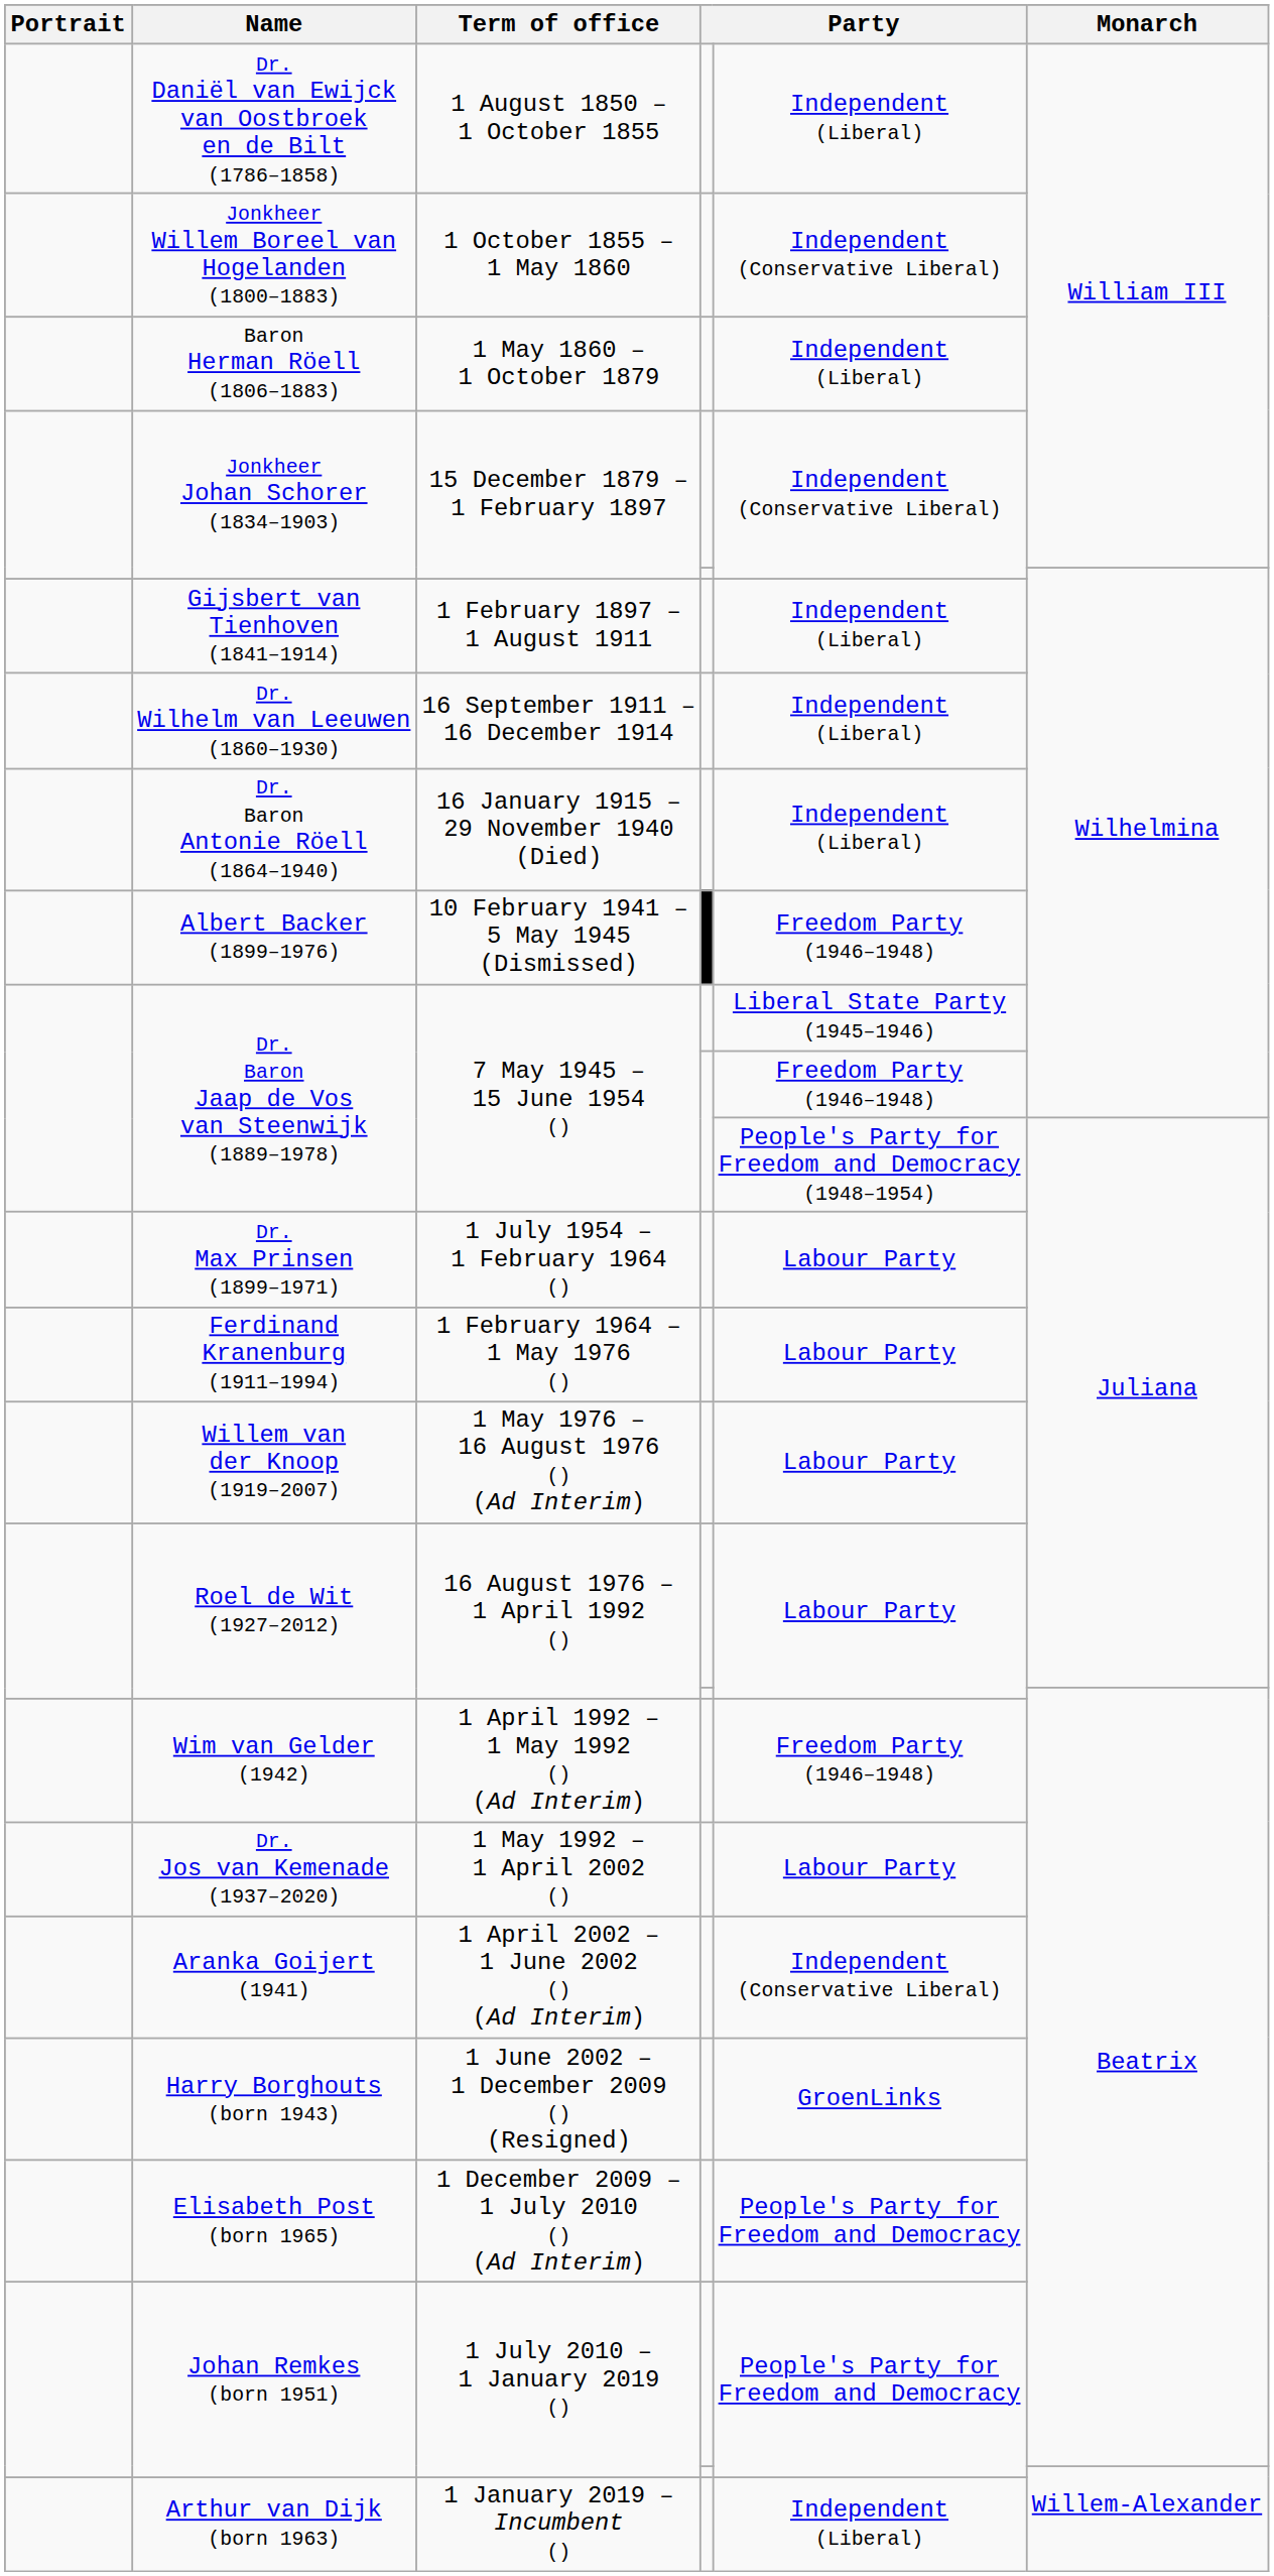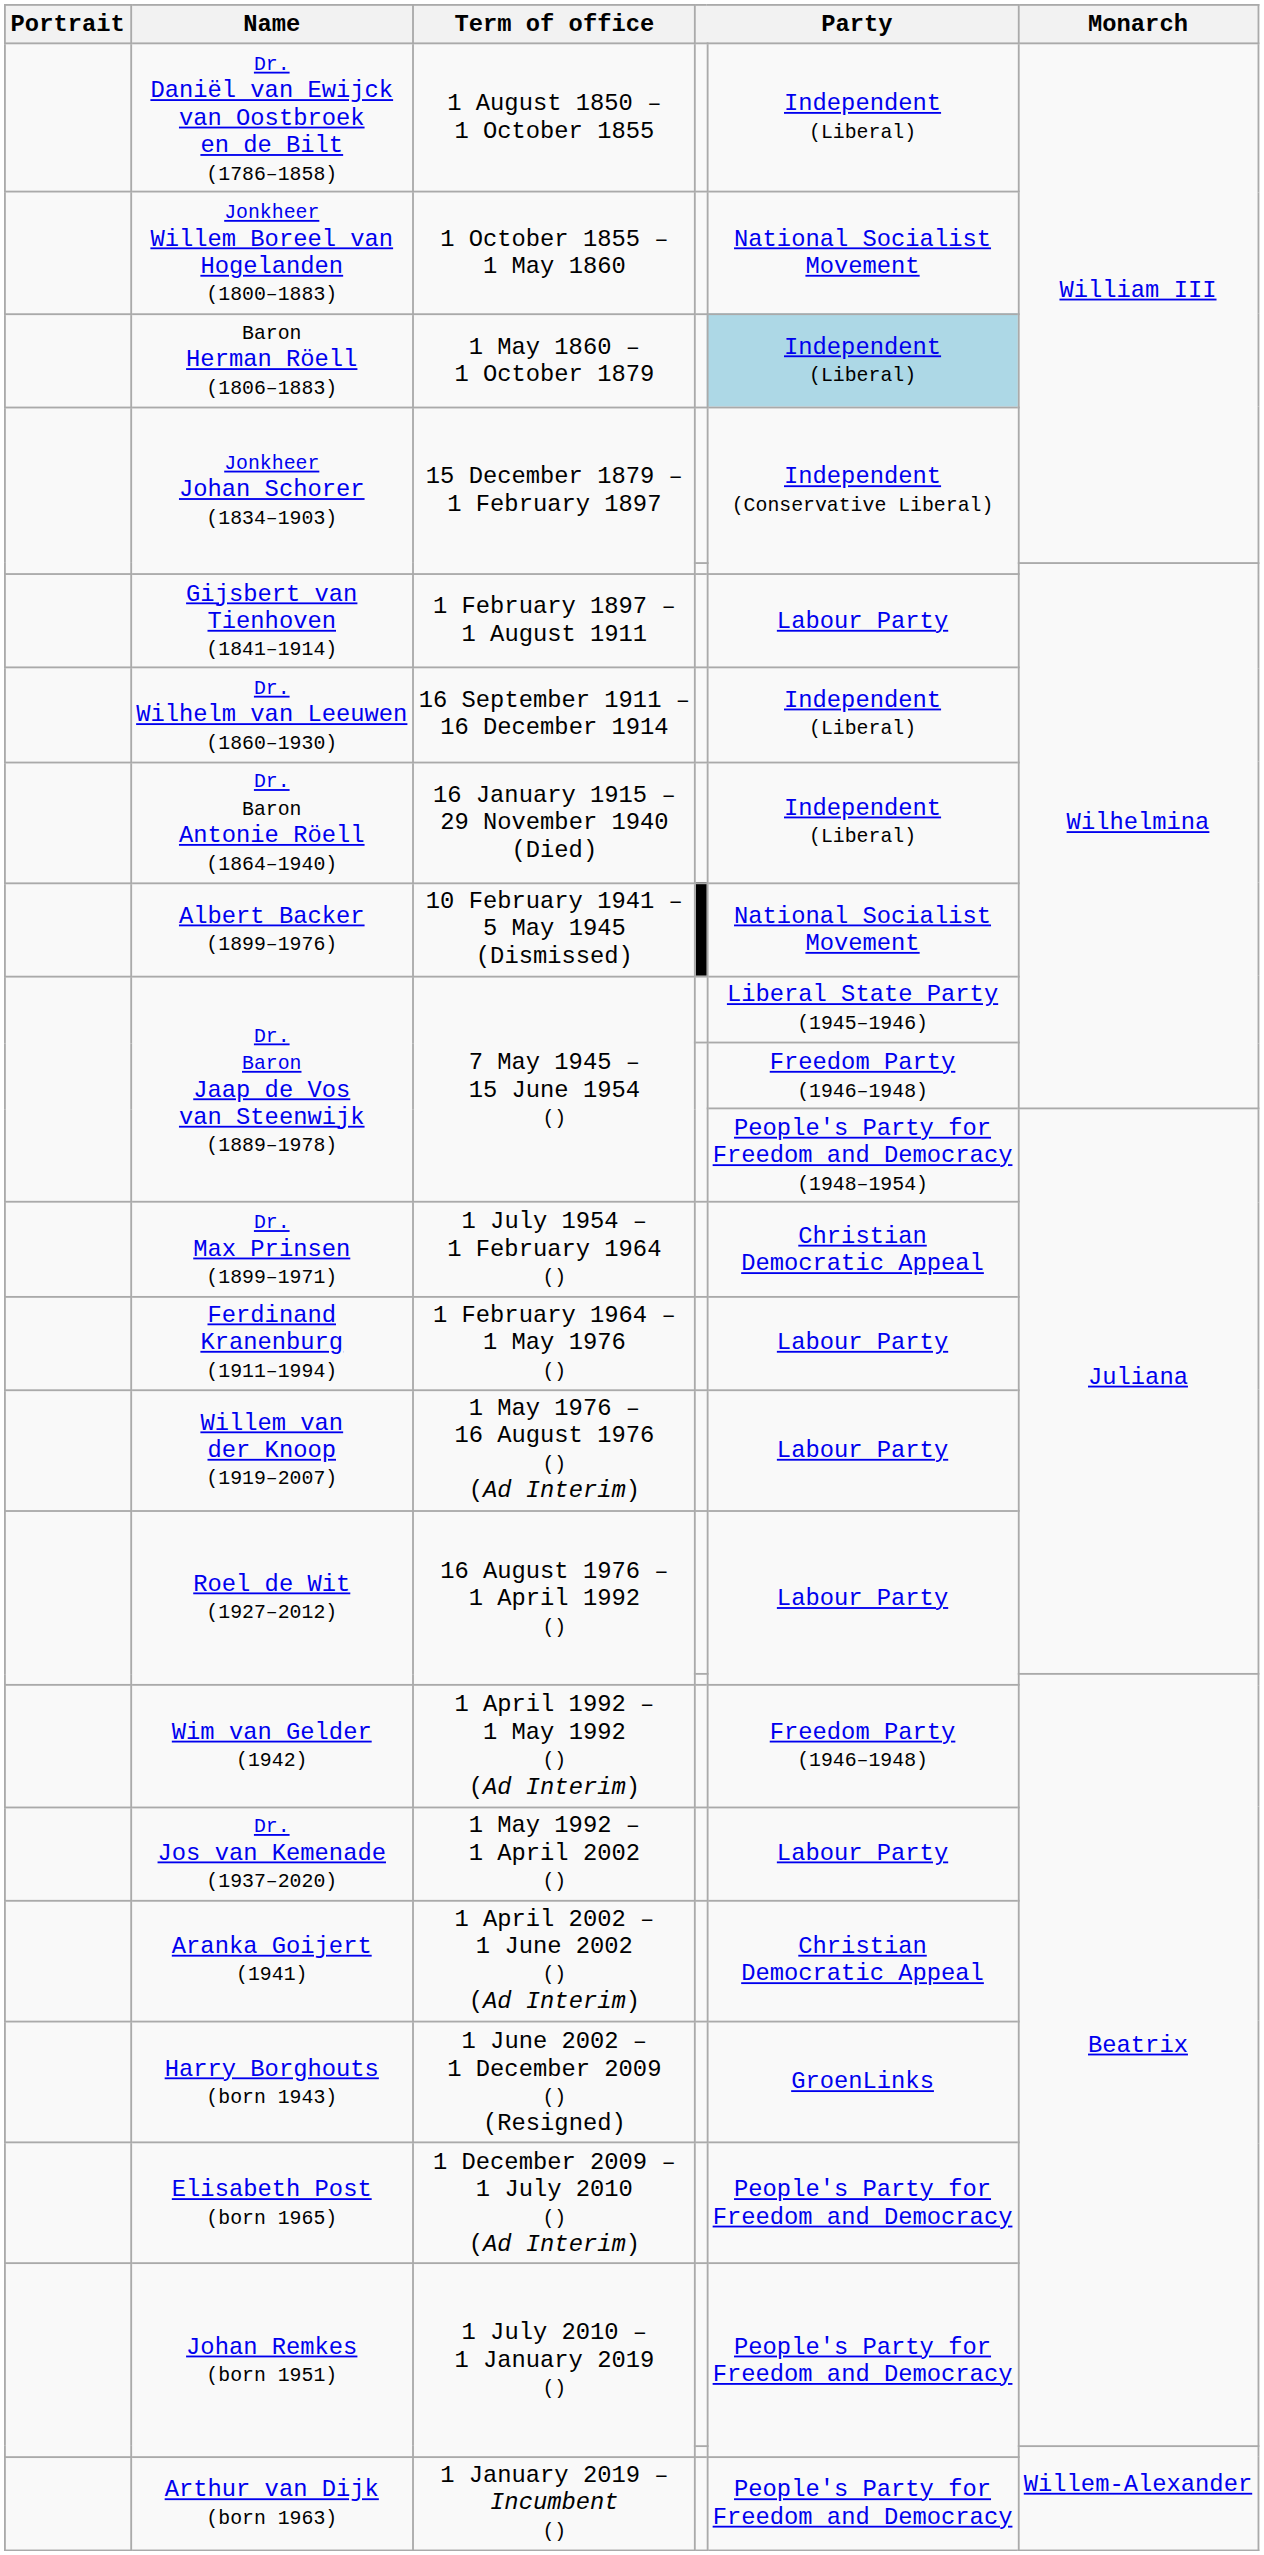 <table class="wikitable" style="text-align:center">
 <tr>
 <th>Portrait</th>
 <th>Name <br> </th>
 <th>Term of office</th>
 <th colspan=2>Party</th>
 <th>Monarch</th>
 </tr>
 <tr>
 <td></td>
 <td><small><a href='#'>Dr.</a></small> <br> <a href='#'>Daniël van Ewijck <br> van Oostbroek <br> en de Bilt</a> <br> <small>(1786–1858)</small></td>
 <td>1 August 1850 – <br> 1 October 1855</td>
 <td style="background:"></td>
 <td><a href='#'>Independent</a> <br> <small>(Liberal)</small></td>
 <td rowspan=4><a href='#'>William III</a><br><br></td>
 </tr>
 <tr>
 <td></td>
 <td><small><a href='#'>Jonkheer</a></small> <br> <a href='#'>Willem Boreel van <br> Hogelanden</a> <br> <small>(1800–1883)</small></td>
 <td>1 October 1855 – <br> 1 May 1860</td>
 <td style="background:"></td>
-<td><a href='#'>Independent</a> <br> <small>(Conservative Liberal)</small></td>
+<td><a href='#'>National Socialist <br> Movement</a></td>
 </tr>
 <tr>
 <td></td>
 <td><small>Baron</small> <br> <a href='#'>Herman Röell</a> <br> <small>(1806–1883)</small></td>
 <td>1 May 1860 – <br> 1 October 1879</td>
 <td style="background:"></td>
-<td><a href='#'>Independent</a> <br> <small>(Liberal)</small></td>
+<td style="background: lightblue;"><a href='#'>Independent</a> <br> <small>(Liberal)</small></td>
 </tr>
 <tr>
 <td rowspan=2></td>
 <td rowspan=2><small><a href='#'>Jonkheer</a></small> <br> <a href='#'>Johan Schorer</a> <br> <small>(1834–1903)</small></td>
 <td rowspan=2>15 December 1879 – <br> 1 February 1897</td>
 <td height=79px style="background:"></td>
 <td rowspan=2><a href='#'>Independent</a> <br> <small>(Conservative Liberal)</small></td>
 </tr>
 <tr>
 <td style="background:"></td>
 <td rowspan=7><a href='#'>Wilhelmina</a><br><br></td>
 </tr>
 <tr>
 <td></td>
 <td><a href='#'>Gijsbert van <br> Tienhoven</a> <br> <small>(1841–1914)</small></td>
 <td>1 February 1897 – <br> 1 August 1911</td>
 <td style="background:"></td>
-<td><a href='#'>Independent</a> <br> <small>(Liberal)</small></td>
+<td><a href='#'>Labour Party</a></td>
 </tr>
 <tr>
 <td></td>
 <td><small><a href='#'>Dr.</a></small> <br> <a href='#'>Wilhelm van Leeuwen</a> <br> <small>(1860–1930)</small></td>
 <td>16 September 1911 – <br> 16 December 1914</td>
 <td style="background:"></td>
 <td><a href='#'>Independent</a> <br> <small>(Liberal)</small></td>
 </tr>
 <tr>
 <td></td>
 <td><small><a href='#'>Dr.</a></small> <br> <small>Baron</small> <br> <a href='#'>Antonie Röell</a> <br> <small>(1864–1940)</small></td>
 <td>16 January 1915 – <br> 29 November 1940 <br> (Died)</td>
 <td style="background:"></td>
 <td><a href='#'>Independent</a> <br> <small>(Liberal)</small></td>
 </tr>
 <tr>
 <td></td>
 <td><a href='#'>Albert Backer</a> <br> <small>(1899–1976)</small></td>
 <td>10 February 1941 – <br> 5 May 1945 <br> (Dismissed)</td>
 <td style="background:black;"></td>
-<td><a href='#'>Freedom Party</a> <br> <small>(1946–1948)</small></td>
+<td><a href='#'>National Socialist <br> Movement</a></td>
 </tr>
 <tr>
 <td rowspan=3></td>
 <td rowspan=3><small><a href='#'>Dr.</a></small> <br> <small><a href='#'>Baron</a></small> <br> <a href='#'>Jaap de Vos <br> van Steenwijk</a> <br> <small>(1889–1978)</small></td>
 <td rowspan=3>7 May 1945 – <br> 15 June 1954 <br> <small>()</small></td>
 <td style="background:"></td>
 <td><a href='#'>Liberal State Party</a> <br> <small>(1945–1946)</small></td>
 </tr>
 <tr>
 <td rowspan=2 style="background:"></td>
 <td><a href='#'>Freedom Party</a> <br> <small>(1946–1948)</small></td>
 </tr>
 <tr>
 <td><a href='#'>People's Party for <br> Freedom and Democracy</a> <br> <small>(1948–1954)</small></td>
 <td rowspan=5><a href='#'>Juliana</a><br><br></td>
 </tr>
 <tr>
 <td></td>
 <td><small><a href='#'>Dr.</a></small> <br> <a href='#'>Max Prinsen</a> <br> <small>(1899–1971)</small></td>
 <td>1 July 1954 – <br> 1 February 1964 <br> <small>()</small></td>
 <td style="background:"></td>
-<td><a href='#'>Labour Party</a></td>
+<td><a href='#'>Christian <br> Democratic Appeal</a></td>
 </tr>
 <tr>
 <td></td>
 <td><a href='#'>Ferdinand <br> Kranenburg</a> <br> <small>(1911–1994)</small></td>
 <td>1 February 1964 – <br> 1 May 1976 <br> <small>()</small></td>
 <td style="background:"></td>
 <td><a href='#'>Labour Party</a></td>
 </tr>
 <tr>
 <td></td>
 <td><a href='#'>Willem van <br> der Knoop</a> <br> <small>(1919–2007)</small></td>
 <td>1 May 1976 – <br> 16 August 1976 <br> <small>()</small> <br> (<em>Ad Interim</em>)</td>
 <td style="background:"></td>
 <td><a href='#'>Labour Party</a></td>
 </tr>
 <tr>
 <td rowspan=2></td>
 <td rowspan=2><a href='#'>Roel de Wit</a> <br> <small>(1927–2012)</small></td>
 <td rowspan=2>16 August 1976 – <br> 1 April 1992 <br> <small>()</small></td>
 <td height=83px style="background:"></td>
 <td rowspan=2><a href='#'>Labour Party</a></td>
 </tr>
 <tr>
 <td style="background:"></td>
 <td rowspan=7><a href='#'>Beatrix</a><br><br></td>
 </tr>
 <tr>
 <td></td>
 <td><a href='#'>Wim van Gelder</a> <br> <small>(1942)</small></td>
 <td>1 April 1992 – <br> 1 May 1992 <br> <small>()</small> <br> (<em>Ad Interim</em>)</td>
 <td style="background:"></td>
 <td><a href='#'>Freedom Party</a> <br> <small>(1946–1948)</small></td>
 </tr>
 <tr>
 <td></td>
 <td><small><a href='#'>Dr.</a></small> <br> <a href='#'>Jos van Kemenade</a> <br> <small>(1937–2020)</small></td>
 <td>1 May 1992 – <br> 1 April 2002 <br> <small>()</small></td>
 <td style="background:"></td>
 <td><a href='#'>Labour Party</a></td>
 </tr>
 <tr>
 <td></td>
 <td><a href='#'>Aranka Goijert</a> <br> <small>(1941)</small></td>
 <td>1 April 2002 – <br> 1 June 2002 <br> <small>()</small> <br> (<em>Ad Interim</em>)</td>
 <td style="background:"></td>
-<td><a href='#'>Independent</a> <br> <small>(Conservative Liberal)</small></td>
+<td><a href='#'>Christian <br> Democratic Appeal</a></td>
 </tr>
 <tr>
 <td></td>
 <td><a href='#'>Harry Borghouts</a> <br> <small>(born 1943)</small></td>
 <td>1 June 2002 – <br> 1 December 2009 <br> <small>()</small> <br> (Resigned)</td>
 <td style="background:"></td>
 <td><a href='#'>GroenLinks</a></td>
 </tr>
 <tr>
 <td></td>
 <td><a href='#'>Elisabeth Post</a> <br> <small>(born 1965)</small></td>
 <td>1 December 2009 – <br> 1 July 2010 <br> <small>()</small> <br> (<em>Ad Interim</em>)</td>
 <td style="background:"></td>
 <td><a href='#'>People's Party for <br> Freedom and Democracy</a></td>
 </tr>
 <tr>
 <td rowspan=2></td>
 <td rowspan=2><a href='#'>Johan Remkes</a> <br> <small>(born 1951)</small></td>
 <td rowspan=2>1 July 2010 – <br> 1 January 2019 <br> <small>()</small></td>
 <td height=93px style="background:"></td>
 <td rowspan=2><a href='#'>People's Party for <br> Freedom and Democracy</a></td>
 </tr>
 <tr>
 <td style="background:"></td>
 <td rowspan=2><a href='#'>Willem-Alexander</a><br><br></td>
 </tr>
 <tr>
 <td></td>
 <td><a href='#'>Arthur van Dijk</a> <br> <small>(born 1963)</small></td>
 <td>1 January 2019 – <br> <em>Incumbent</em> <br> <small>()</small></td>
 <td style="background:"></td>
-<td><a href='#'>Independent</a> <br> <small>(Liberal)</small></td>
+<td><a href='#'>People's Party for <br> Freedom and Democracy</a></td>
 </tr>
 </table>
